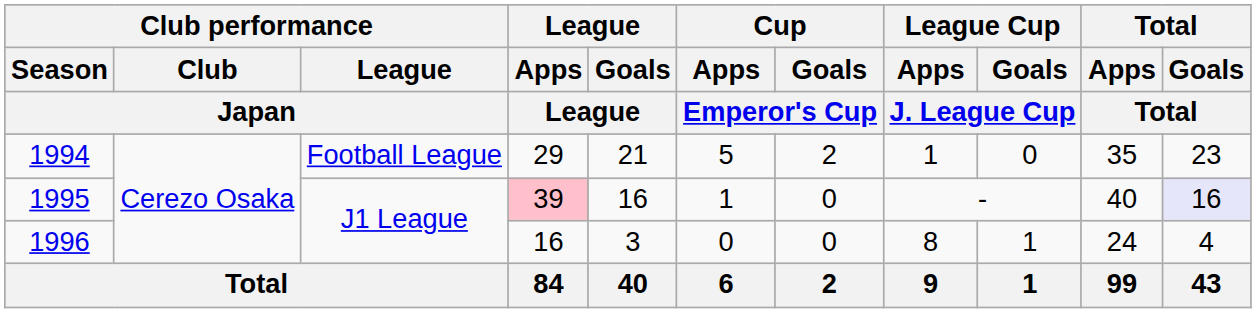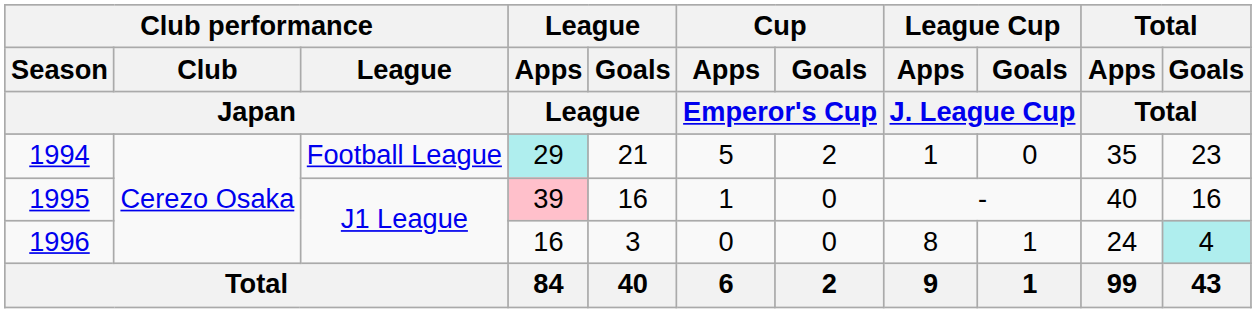 <table class="wikitable" style="text-align:center;">
 <tr>
 <th colspan=3>Club performance</th>
 <th colspan=2>League</th>
 <th colspan=2>Cup</th>
 <th colspan=2>League Cup</th>
 <th colspan=2>Total</th>
 </tr>
 <tr>
 <th>Season</th>
 <th>Club</th>
 <th>League</th>
 <th>Apps</th>
 <th>Goals</th>
 <th>Apps</th>
 <th>Goals</th>
 <th>Apps</th>
 <th>Goals</th>
 <th>Apps</th>
 <th>Goals</th>
 </tr>
 <tr>
 <th colspan=3>Japan</th>
 <th colspan=2>League</th>
 <th colspan=2><a href='#'>Emperor's Cup</a></th>
 <th colspan=2><a href='#'>J. League Cup</a></th>
 <th colspan=2>Total</th>
 </tr>
 <tr>
 <td><a href='#'>1994</a></td>
 <td rowspan="3"><a href='#'>Cerezo Osaka</a></td>
 <td><a href='#'>Football League</a></td>
-<td>29</td>
+<td style="background: paleturquoise;">29</td>
 <td>21</td>
 <td>5</td>
 <td>2</td>
 <td>1</td>
 <td>0</td>
 <td>35</td>
 <td>23</td>
 </tr>
 <tr>
 <td><a href='#'>1995</a></td>
 <td rowspan="2"><a href='#'>J1 League</a></td>
 <td style="background: pink;">39</td>
 <td>16</td>
 <td>1</td>
 <td>0</td>
 <td colspan="2">-</td>
 <td>40</td>
-<td style="background: lavender;">16</td>
+<td>16</td>
 </tr>
 <tr>
 <td><a href='#'>1996</a></td>
 <td>16</td>
 <td>3</td>
 <td>0</td>
 <td>0</td>
 <td>8</td>
 <td>1</td>
 <td>24</td>
-<td>4</td>
+<td style="background: paleturquoise;">4</td>
 </tr>
 <tr>
 <th colspan=3>Total</th>
 <th>84</th>
 <th>40</th>
 <th>6</th>
 <th>2</th>
 <th>9</th>
 <th>1</th>
 <th>99</th>
 <th>43</th>
 </tr>
 </table>
